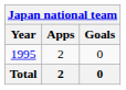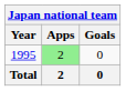 <table class="wikitable" style="text-align:center">
 <tr>
 <th colspan=3><a href='#'>Japan national team</a></th>
 </tr>
 <tr>
 <th>Year</th>
 <th>Apps</th>
 <th>Goals</th>
 </tr>
 <tr>
 <td><a href='#'>1995</a></td>
-<td>2</td>
+<td style="background: lightgreen;">2</td>
 <td>0</td>
 </tr>
 <tr>
 <th>Total</th>
 <th>2</th>
 <th>0</th>
 </tr>
 </table>
